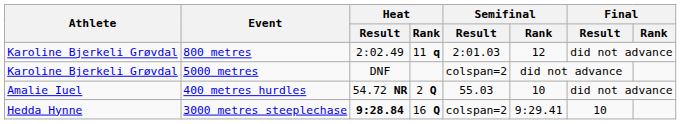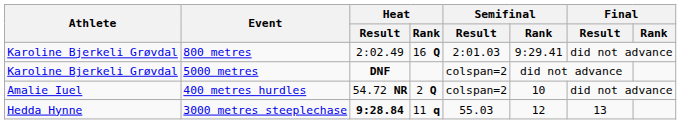 <table class="wikitable"  style="font-size:90%">
 <tr>
 <th rowspan="2">Athlete</th>
 <th rowspan="2">Event</th>
 <th colspan="2">Heat</th>
 <th colspan="2">Semifinal</th>
 <th colspan="2">Final</th>
 </tr>
 <tr>
 <th>Result</th>
 <th>Rank</th>
 <th>Result</th>
 <th>Rank</th>
 <th>Result</th>
 <th>Rank</th>
 </tr>
 <tr style=text-align:center>
 <td style=text-align:left><a href='#'>Karoline Bjerkeli Grøvdal</a></td>
 <td style=text-align:left><a href='#'>800 metres</a></td>
 <td>2:02.49</td>
-<td>11 <strong>q</strong></td>
+<td>16 <strong>Q</strong></td>
 <td>2:01.03</td>
-<td>12</td>
+<td>9:29.41</td>
 <td colspan=2>did not advance</td>
 </tr>
 <tr style=text-align:center>
 <td style=text-align:left><a href='#'>Karoline Bjerkeli Grøvdal</a></td>
 <td style=text-align:left><a href='#'>5000 metres</a></td>
-<td>DNF</td>
+<td><strong>DNF</strong></td>
 <td></td>
 <td>colspan=2 </td>
 <td colspan=2>did not advance</td>
 </tr>
 <tr style=text-align:center>
 <td style=text-align:left><a href='#'>Amalie Iuel</a></td>
 <td style=text-align:left><a href='#'>400 metres hurdles</a></td>
 <td>54.72 <strong>NR</strong></td>
 <td>2 <strong>Q</strong></td>
-<td>55.03</td>
+<td>colspan=2 </td>
 <td>10</td>
 <td colspan=2>did not advance</td>
 </tr>
 <tr style=text-align:center>
 <td style=text-align:left><a href='#'>Hedda Hynne</a></td>
 <td style=text-align:left><a href='#'>3000 metres steeplechase</a></td>
 <td><strong>9:28.84</strong></td>
-<td>16 <strong>Q</strong></td>
-<td>colspan=2 </td>
-<td>9:29.41</td>
-<td>10</td>
+<td>11 <strong>q</strong></td>
+<td>55.03</td>
+<td>12</td>
+<td>13</td>
 </tr>
 </table>
